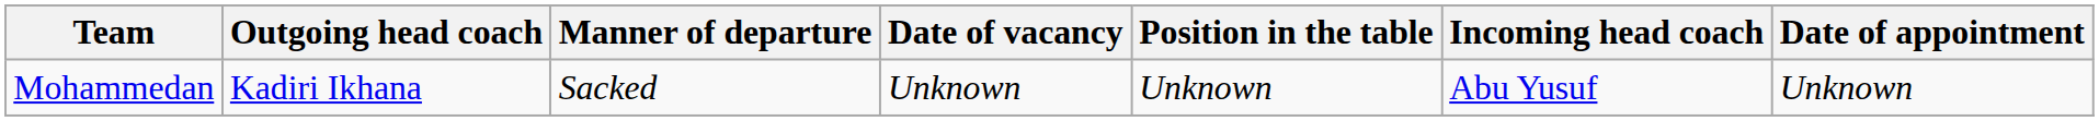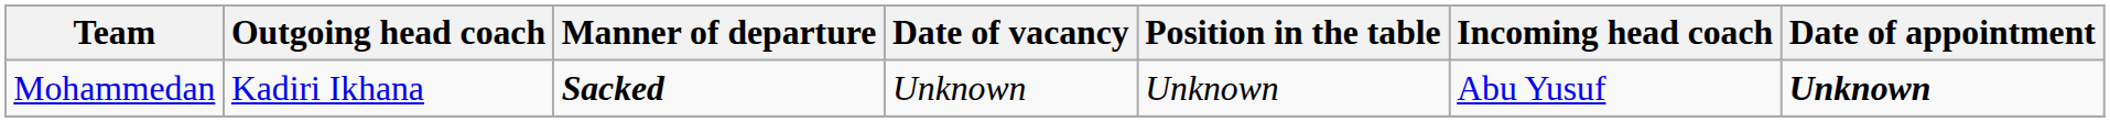 <table class="wikitable sortable">
 <tr>
 <th>Team</th>
 <th>Outgoing head coach</th>
 <th>Manner of departure</th>
 <th>Date of vacancy</th>
 <th>Position in the table</th>
 <th>Incoming head coach</th>
 <th>Date of appointment</th>
 </tr>
 <tr>
 <td><a href='#'>Mohammedan</a></td>
 <td> <a href='#'>Kadiri Ikhana</a></td>
-<td><em>Sacked</em></td>
+<td><strong><em>Sacked</em></strong></td>
 <td><em>Unknown</em></td>
 <td><em>Unknown</em></td>
 <td> <a href='#'>Abu Yusuf</a></td>
-<td><em>Unknown</em></td>
+<td><strong><em>Unknown</em></strong></td>
 </tr>
 <tr>
 </tr>
 </table>
